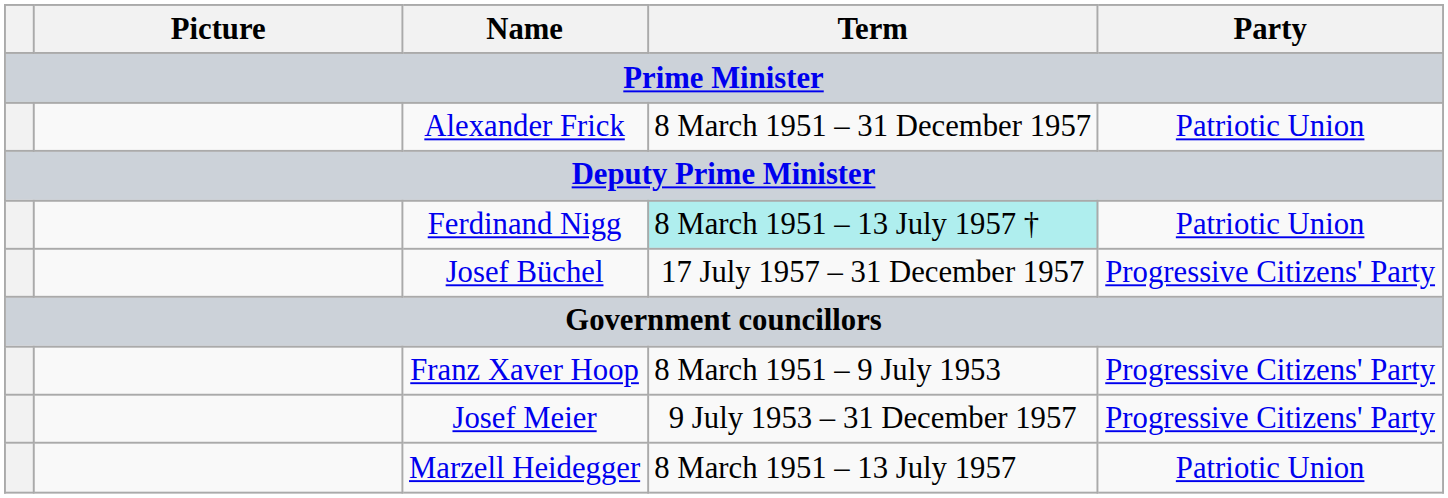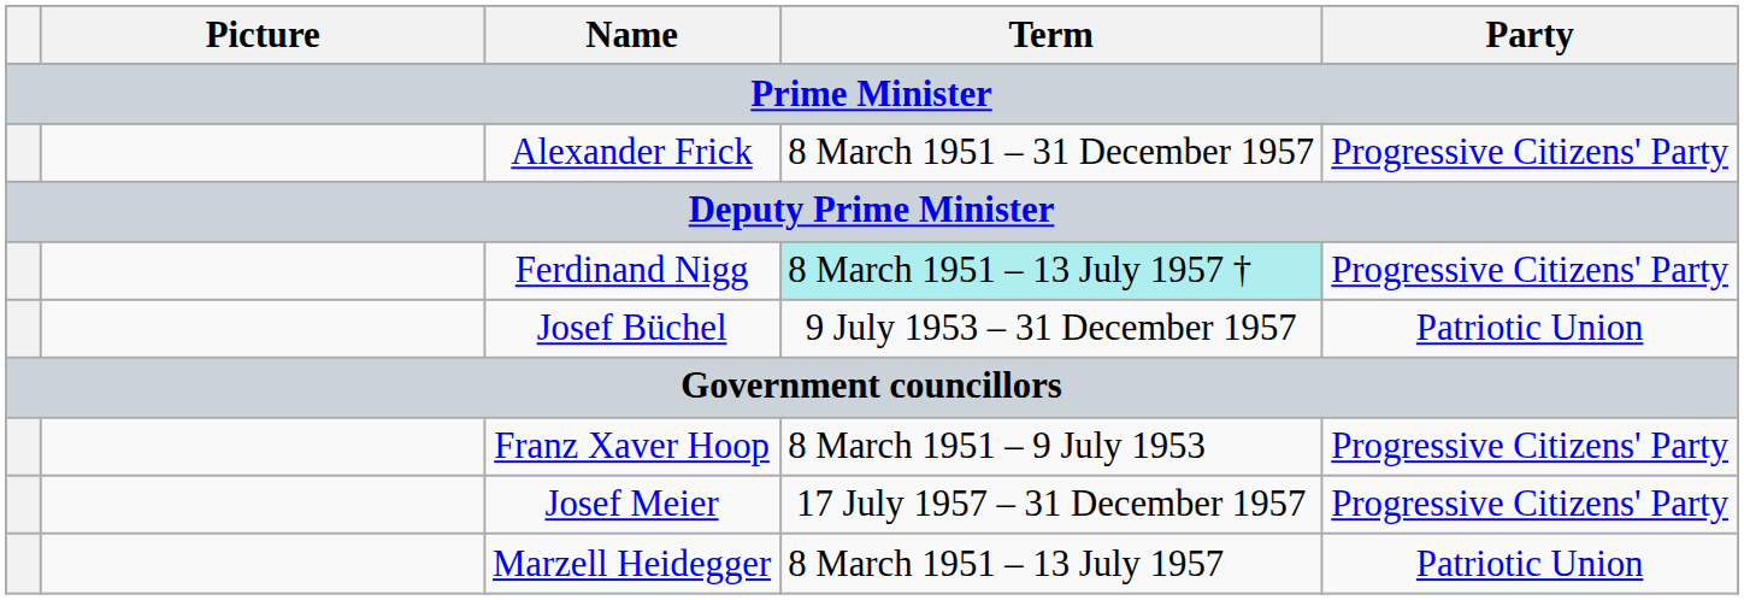 <table class="wikitable" style="text-align:center">
 <tr>
 <th style="width: 0.5em"></th>
 <th style="width: 11.5em"><strong>Picture</strong></th>
 <th><strong>Name</strong></th>
 <th><strong>Term</strong></th>
 <th><strong>Party</strong></th>
 </tr>
 <tr>
 <th colspan="6" style="background:#CCD2D9"><a href='#'>Prime Minister</a></th>
 </tr>
 <tr>
 <th style="background:"></th>
 <td></td>
 <td><a href='#'>Alexander Frick</a></td>
 <td style="text-align:left">8 March 1951 – 31 December 1957</td>
-<td><a href='#'>Patriotic Union</a></td>
+<td><a href='#'>Progressive Citizens' Party</a></td>
 </tr>
 <tr>
 <th colspan="6" style="background:#CCD2D9"><a href='#'>Deputy Prime Minister</a></th>
 </tr>
 <tr>
 <th style="background:"></th>
 <td></td>
 <td><a href='#'>Ferdinand Nigg</a></td>
 <td style="background: paleturquoise; text-align:left">8 March 1951 – 13 July 1957 †</td>
-<td><a href='#'>Patriotic Union</a></td>
+<td><a href='#'>Progressive Citizens' Party</a></td>
 </tr>
 <tr>
 <th style="background:"></th>
 <td></td>
 <td><a href='#'>Josef Büchel</a></td>
-<td>17 July 1957 – 31 December 1957</td>
-<td><a href='#'>Progressive Citizens' Party</a></td>
+<td>9 July 1953 – 31 December 1957</td>
+<td><a href='#'>Patriotic Union</a></td>
 </tr>
 <tr>
 <th colspan="6" style="background:#CCD2D9">Government councillors</th>
 </tr>
 <tr>
 <th style="background:"></th>
 <td></td>
 <td><a href='#'>Franz Xaver Hoop</a></td>
 <td style="text-align:left">8 March 1951 – 9 July  1953</td>
 <td><a href='#'>Progressive Citizens' Party</a></td>
 </tr>
 <tr>
 <th style="background:"></th>
 <td></td>
 <td><a href='#'>Josef Meier</a></td>
-<td>9 July 1953 – 31 December 1957</td>
+<td>17 July 1957 – 31 December 1957</td>
 <td><a href='#'>Progressive Citizens' Party</a></td>
 </tr>
 <tr>
 <th style="background:"></th>
 <td></td>
 <td><a href='#'>Marzell Heidegger</a></td>
 <td style="text-align:left">8 March 1951 – 13 July 1957</td>
 <td><a href='#'>Patriotic Union</a></td>
 </tr>
 </table>
